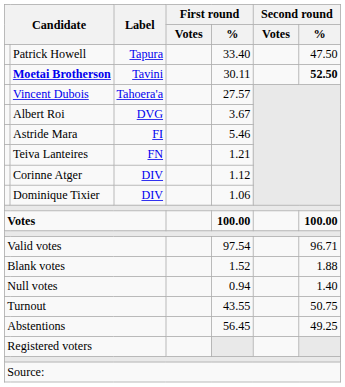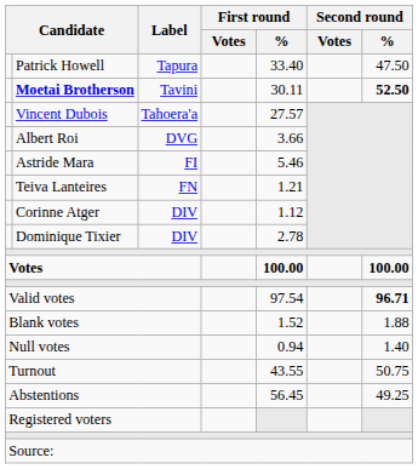 <table class="wikitable" style="text-align:right;font-size:95%;">
 <tr>
 <th colspan="2" rowspan="2">Candidate</th>
 <th rowspan="2">Label</th>
 <th colspan="2">First round</th>
 <th colspan="2">Second round</th>
 </tr>
 <tr>
 <th style="width:50px;">Votes</th>
 <th style="width:45px;">%</th>
 <th style="width:50px;">Votes</th>
 <th style="width:45px;">%</th>
 </tr>
 <tr>
 <td style="color:inherit;background:"></td>
 <td style="text-align:left;">Patrick Howell</td>
 <td><a href='#'>Tapura</a></td>
 <td></td>
 <td>33.40</td>
 <td></td>
 <td>47.50</td>
 </tr>
 <tr>
 <td style="color:inherit;background:"></td>
 <td style="text-align:left;"><strong><a href='#'>Moetai Brotherson</a></strong></td>
 <td><a href='#'>Tavini</a></td>
 <td></td>
 <td>30.11</td>
 <td><strong></strong></td>
 <td><strong>52.50</strong></td>
 </tr>
 <tr>
 <td style="color:inherit;background:"></td>
 <td style="text-align:left;"><a href='#'>Vincent Dubois</a></td>
 <td><a href='#'>Tahoera'a</a></td>
 <td></td>
 <td>27.57</td>
 <td colspan="2" rowspan="6" style="background:#E9E9E9;"></td>
 </tr>
 <tr>
 <td style="color:inherit;background:"></td>
 <td style="text-align:left;">Albert Roi</td>
 <td><a href='#'>DVG</a></td>
 <td></td>
-<td>3.67</td>
+<td>3.66</td>
 </tr>
 <tr>
 <td style="color:inherit;background:"></td>
 <td style="text-align:left;">Astride Mara</td>
 <td><a href='#'>FI</a></td>
 <td></td>
 <td>5.46</td>
 </tr>
 <tr>
 <td style="color:inherit;background:"></td>
 <td style="text-align:left;">Teiva Lanteires</td>
 <td><a href='#'>FN</a></td>
 <td></td>
 <td>1.21</td>
 </tr>
 <tr>
 <td style="color:inherit;background:"></td>
 <td style="text-align:left;">Corinne Atger</td>
 <td><a href='#'>DIV</a></td>
 <td></td>
 <td>1.12</td>
 </tr>
 <tr>
 <td style="color:inherit;background:"></td>
 <td style="text-align:left;">Dominique Tixier</td>
 <td><a href='#'>DIV</a></td>
 <td></td>
-<td>1.06</td>
+<td>2.78</td>
 </tr>
 <tr>
 <td colspan="7" style="background:#E9E9E9;"></td>
 </tr>
 <tr style="font-weight:bold;">
 <td colspan="3" style="text-align:left;">Votes</td>
 <td></td>
 <td>100.00</td>
 <td></td>
 <td>100.00</td>
 </tr>
 <tr>
 <td colspan="7" style="background:#E9E9E9;"></td>
 </tr>
 <tr>
 <td colspan="3" style="text-align:left;">Valid votes</td>
 <td></td>
 <td>97.54</td>
 <td></td>
-<td>96.71</td>
+<td><strong>96.71</strong></td>
 </tr>
 <tr>
 <td colspan="3" style="text-align:left;">Blank votes</td>
 <td></td>
 <td>1.52</td>
 <td></td>
 <td>1.88</td>
 </tr>
 <tr>
 <td colspan="3" style="text-align:left;">Null votes</td>
 <td></td>
 <td>0.94</td>
 <td></td>
 <td>1.40</td>
 </tr>
 <tr>
 <td colspan="3" style="text-align:left;">Turnout</td>
 <td></td>
 <td>43.55</td>
 <td></td>
 <td>50.75</td>
 </tr>
 <tr>
 <td colspan="3" style="text-align:left;">Abstentions</td>
 <td></td>
 <td>56.45</td>
 <td></td>
 <td>49.25</td>
 </tr>
 <tr>
 <td colspan="3" style="text-align:left;">Registered voters</td>
 <td></td>
 <td style="background:#E9E9E9;"></td>
 <td></td>
 <td style="background:#E9E9E9;"></td>
 </tr>
 <tr>
 <td colspan="7" style="background:#E9E9E9;"></td>
 </tr>
 <tr>
 <td colspan="7" style="text-align:left;">Source: </td>
 </tr>
 </table>
